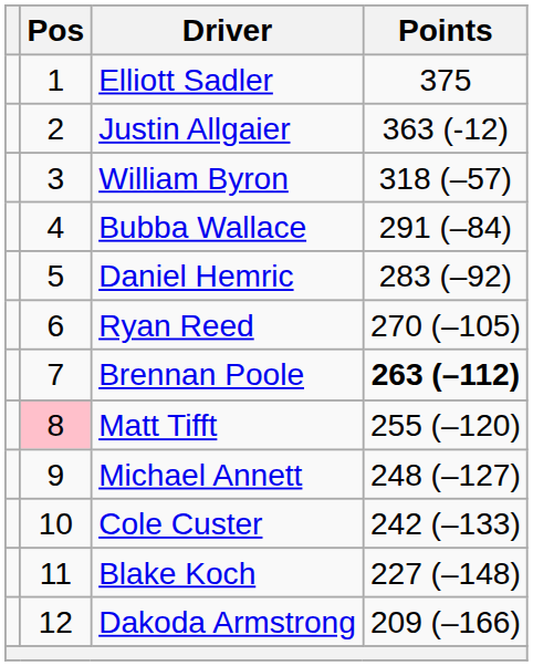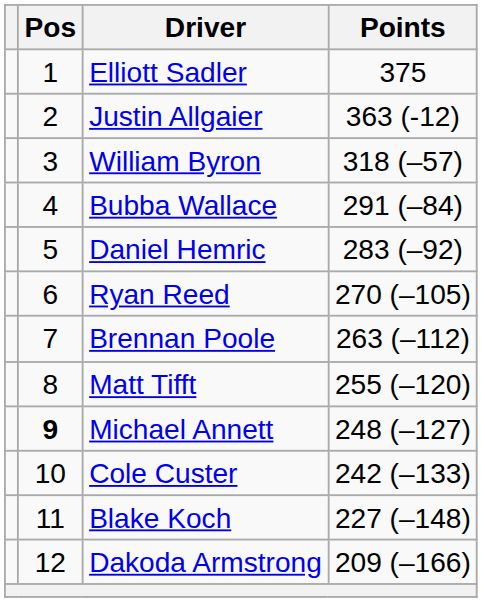 <table class="wikitable" style="font-size: 95%;">
 <tr>
 <th></th>
 <th>Pos</th>
 <th>Driver</th>
 <th>Points</th>
 </tr>
 <tr>
 <td align="left"></td>
 <td style="text-align:center;">1</td>
 <td><a href='#'>Elliott Sadler</a></td>
 <td style="text-align:center;">375</td>
 </tr>
 <tr>
 <td align="left"></td>
 <td style="text-align:center;">2</td>
 <td><a href='#'>Justin Allgaier</a></td>
 <td style="text-align:center;">363 (-12)</td>
 </tr>
 <tr>
 <td align="left"></td>
 <td style="text-align:center;">3</td>
 <td><a href='#'>William Byron</a></td>
 <td style="text-align:center;">318 (–57)</td>
 </tr>
 <tr>
 <td align="left"></td>
 <td style="text-align:center;">4</td>
 <td><a href='#'>Bubba Wallace</a></td>
 <td style="text-align:center;">291 (–84)</td>
 </tr>
 <tr>
 <td align="left"></td>
 <td style="text-align:center;">5</td>
 <td><a href='#'>Daniel Hemric</a></td>
 <td style="text-align:center;">283 (–92)</td>
 </tr>
 <tr>
 <td align="left"></td>
 <td style="text-align:center;">6</td>
 <td><a href='#'>Ryan Reed</a></td>
 <td style="text-align:center;">270 (–105)</td>
 </tr>
 <tr>
 <td align="left"></td>
 <td style="text-align:center;">7</td>
 <td><a href='#'>Brennan Poole</a></td>
-<td style="text-align:center;"><strong>263 (–112)</strong></td>
+<td style="text-align:center;">263 (–112)</td>
 </tr>
 <tr>
 <td align="left"></td>
-<td style="background: pink; text-align:center;">8</td>
+<td style="text-align:center;">8</td>
 <td><a href='#'>Matt Tifft</a></td>
 <td style="text-align:center;">255 (–120)</td>
 </tr>
 <tr>
 <td align="left"></td>
-<td style="text-align:center;">9</td>
+<td style="text-align:center;"><strong>9</strong></td>
 <td><a href='#'>Michael Annett</a></td>
 <td style="text-align:center;">248 (–127)</td>
 </tr>
 <tr>
 <td align="left"></td>
 <td style="text-align:center;">10</td>
 <td><a href='#'>Cole Custer</a></td>
 <td style="text-align:center;">242 (–133)</td>
 </tr>
 <tr>
 <td align="left"></td>
 <td style="text-align:center;">11</td>
 <td><a href='#'>Blake Koch</a></td>
 <td style="text-align:center;">227 (–148)</td>
 </tr>
 <tr>
 <td align="left"></td>
 <td style="text-align:center;">12</td>
 <td><a href='#'>Dakoda Armstrong</a></td>
 <td style="text-align:center;">209 (–166)</td>
 </tr>
 <tr class="sortbottom">
 <th colspan="9"></th>
 </tr>
 </table>
